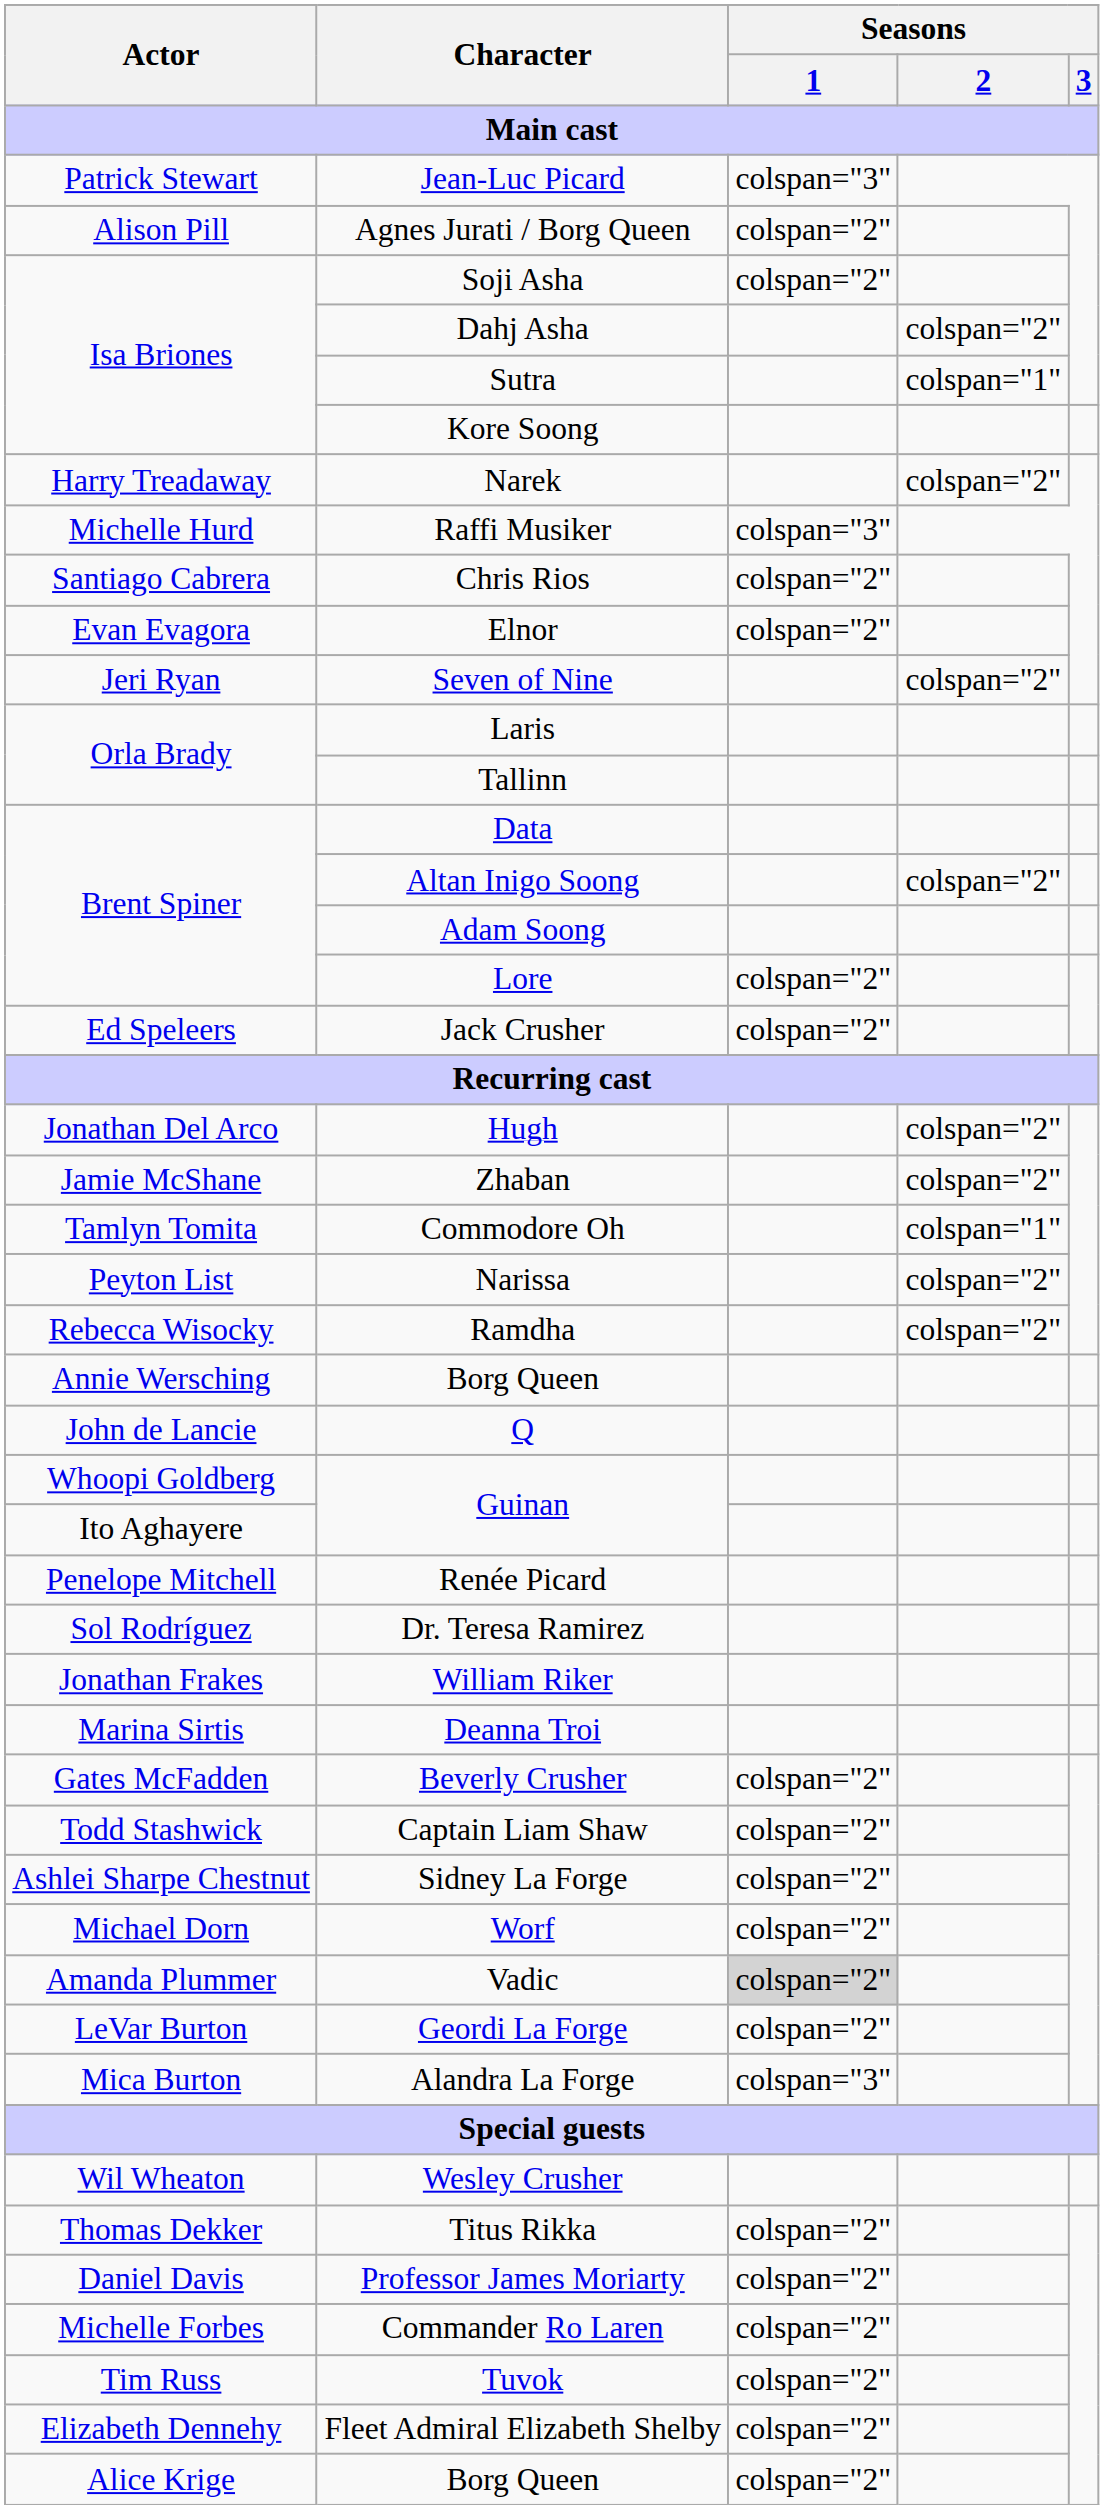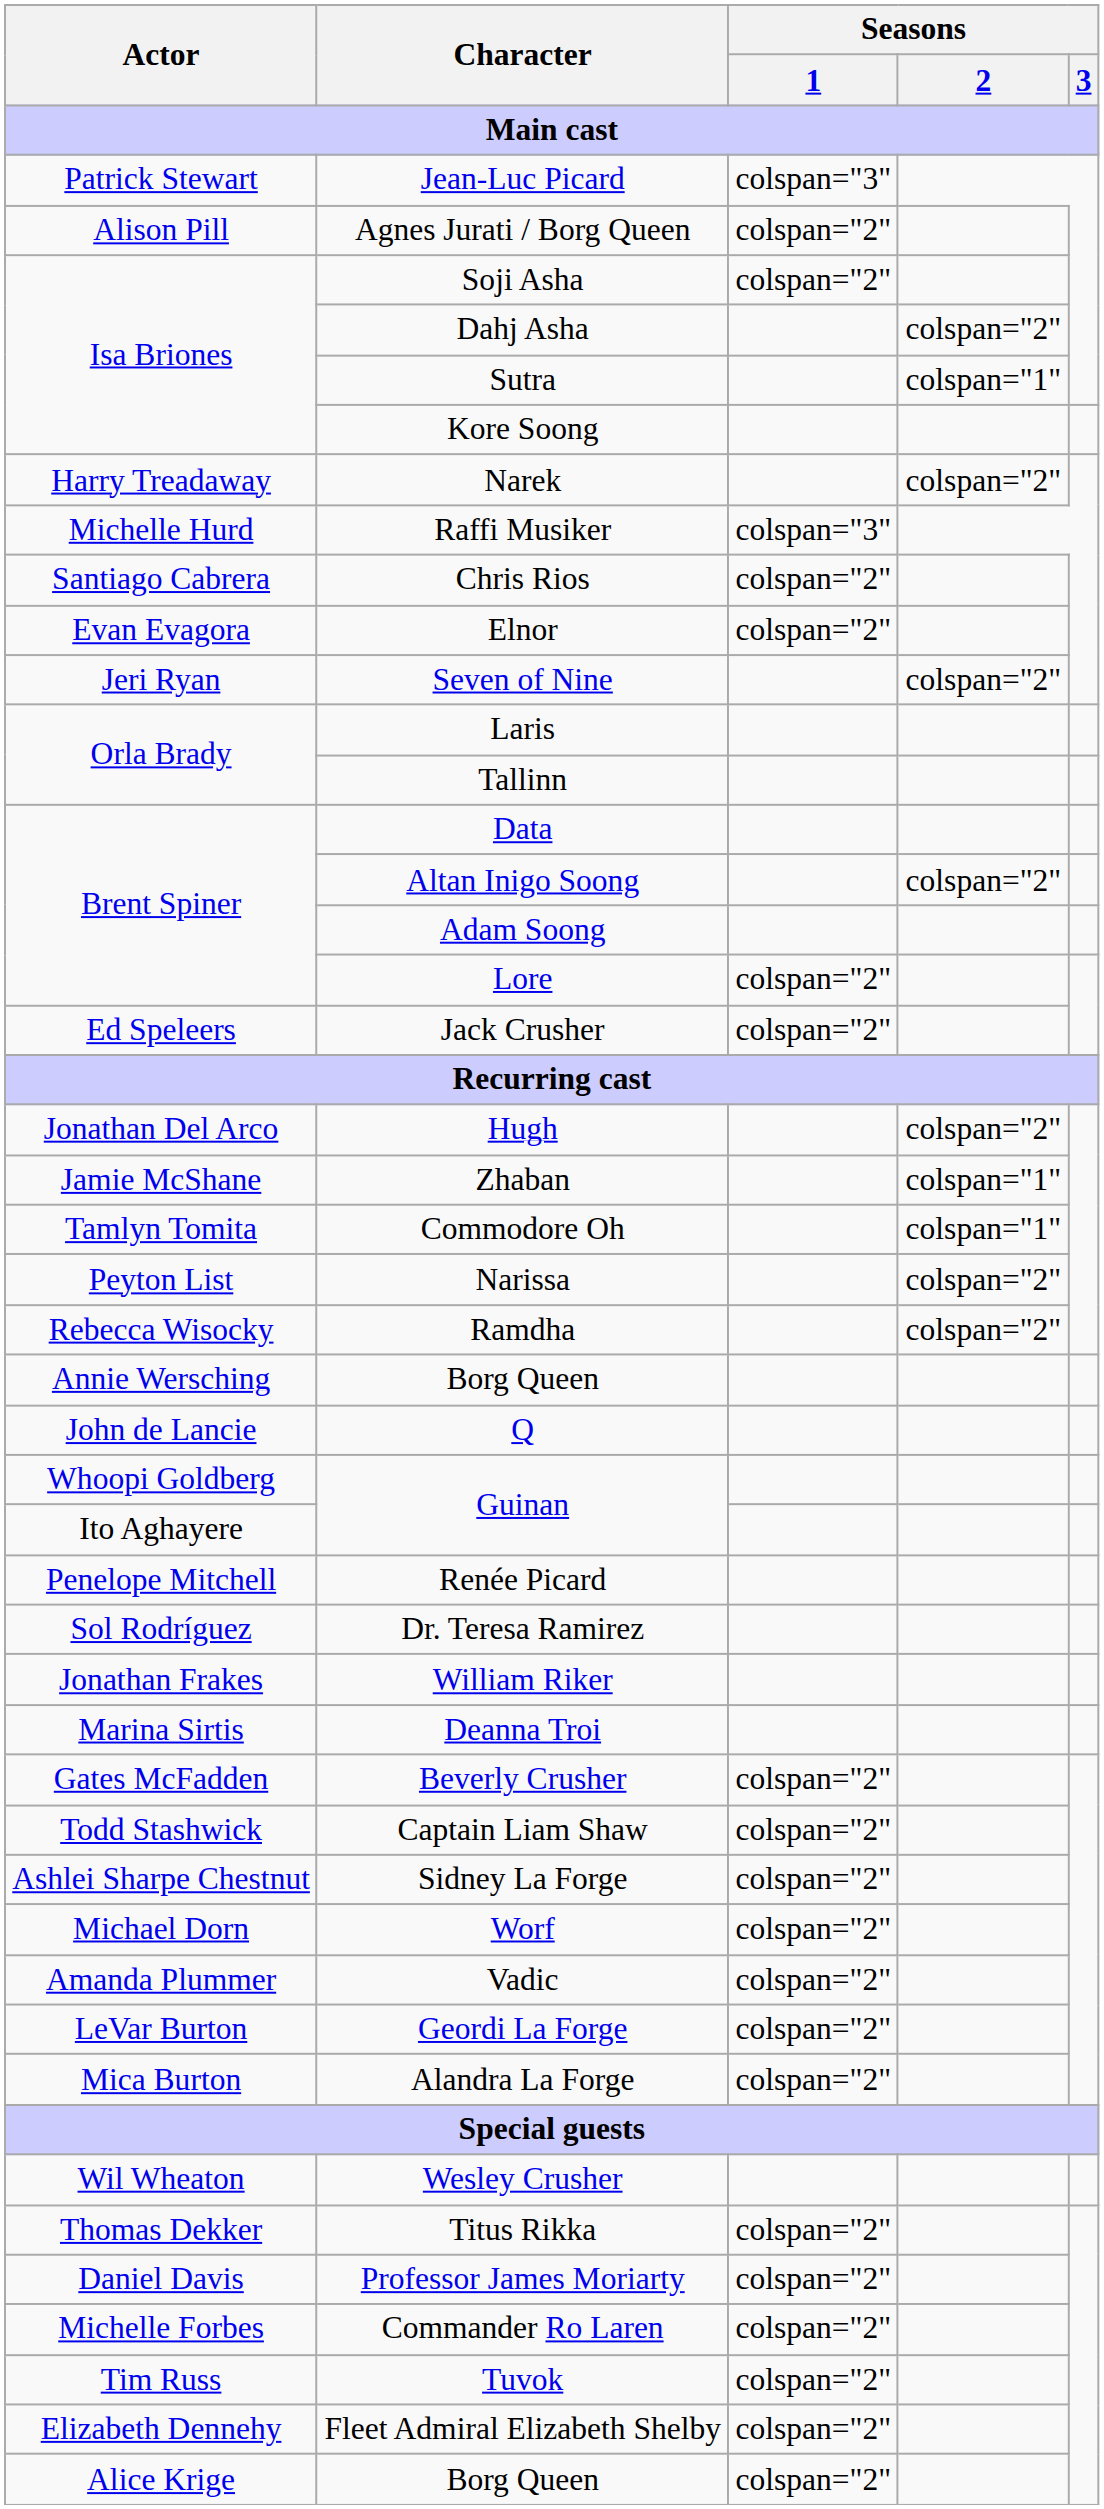 <table class="wikitable" style="text-align:center;">
 <tr>
 <th scope="col" rowspan="2">Actor</th>
 <th scope="col" rowspan="2">Character</th>
 <th scope="col" colspan="3">Seasons</th>
 </tr>
 <tr>
 <th scope="col"><a href='#'>1</a></th>
 <th scope="col"><a href='#'>2</a></th>
 <th scope="col"><a href='#'>3</a></th>
 </tr>
 <tr>
 <th colspan="5" style="background-color:#ccccff;">Main cast</th>
 </tr>
 <tr>
 <td><a href='#'>Patrick Stewart</a></td>
 <td><a href='#'>Jean-Luc Picard</a></td>
 <td>colspan="3" </td>
 </tr>
 <tr>
 <td><a href='#'>Alison Pill</a></td>
 <td>Agnes Jurati / Borg Queen</td>
 <td>colspan="2" </td>
 <td></td>
 </tr>
 <tr>
 <td rowspan="4"><a href='#'>Isa Briones</a></td>
 <td>Soji Asha</td>
 <td>colspan="2" </td>
 <td></td>
 </tr>
 <tr>
 <td>Dahj Asha</td>
 <td> </td>
 <td>colspan="2" </td>
 </tr>
 <tr>
 <td>Sutra</td>
 <td></td>
 <td>colspan="1" </td>
 </tr>
 <tr>
 <td>Kore Soong</td>
 <td></td>
 <td></td>
 <td></td>
 </tr>
 <tr>
 <td><a href='#'>Harry Treadaway</a></td>
 <td>Narek</td>
 <td></td>
 <td>colspan="2" </td>
 </tr>
 <tr>
 <td><a href='#'>Michelle Hurd</a></td>
 <td>Raffi Musiker</td>
 <td>colspan="3" </td>
 </tr>
 <tr>
 <td><a href='#'>Santiago Cabrera</a></td>
 <td>Chris Rios</td>
 <td>colspan="2"  </td>
 <td></td>
 </tr>
 <tr>
 <td><a href='#'>Evan Evagora</a></td>
 <td>Elnor</td>
 <td>colspan="2"  </td>
 <td></td>
 </tr>
 <tr>
 <td><a href='#'>Jeri Ryan</a></td>
 <td><a href='#'>Seven of Nine</a></td>
 <td></td>
 <td>colspan="2" </td>
 </tr>
 <tr>
 <td rowspan="2"><a href='#'>Orla Brady</a></td>
 <td>Laris</td>
 <td></td>
 <td></td>
 <td></td>
 </tr>
 <tr>
 <td>Tallinn</td>
 <td></td>
 <td></td>
 <td></td>
 </tr>
 <tr>
 <td rowspan="4"><a href='#'>Brent Spiner</a></td>
 <td><a href='#'>Data</a></td>
 <td> </td>
 <td></td>
 <td></td>
 </tr>
 <tr>
 <td><a href='#'>Altan Inigo Soong</a></td>
 <td></td>
 <td>colspan="2" </td>
 <td></td>
 </tr>
 <tr>
 <td><a href='#'>Adam Soong</a></td>
 <td></td>
 <td></td>
 <td></td>
 </tr>
 <tr>
 <td><a href='#'>Lore</a></td>
 <td>colspan="2" </td>
 <td></td>
 </tr>
 <tr>
 <td><a href='#'>Ed Speleers</a></td>
 <td>Jack Crusher</td>
 <td>colspan="2" </td>
 <td></td>
 </tr>
 <tr>
 <th colspan="5" style="background-color:#ccccff;">Recurring cast</th>
 </tr>
 <tr>
 <td><a href='#'>Jonathan Del Arco</a></td>
 <td><a href='#'>Hugh</a></td>
 <td></td>
 <td>colspan="2" </td>
 </tr>
 <tr>
 <td><a href='#'>Jamie McShane</a></td>
 <td>Zhaban</td>
 <td> </td>
-<td>colspan="2" </td>
+<td>colspan="1" </td>
 </tr>
 <tr>
 <td><a href='#'>Tamlyn Tomita</a></td>
 <td>Commodore Oh</td>
 <td> </td>
 <td>colspan="1" </td>
 </tr>
 <tr>
 <td><a href='#'>Peyton List</a></td>
 <td>Narissa</td>
 <td> </td>
 <td>colspan="2" </td>
 </tr>
 <tr>
 <td><a href='#'>Rebecca Wisocky</a></td>
 <td>Ramdha</td>
 <td> </td>
 <td>colspan="2" </td>
 </tr>
 <tr>
 <td><a href='#'>Annie Wersching</a></td>
 <td>Borg Queen</td>
 <td></td>
 <td></td>
 <td></td>
 </tr>
 <tr>
 <td><a href='#'>John de Lancie</a></td>
 <td><a href='#'>Q</a></td>
 <td></td>
 <td></td>
 <td></td>
 </tr>
 <tr>
 <td><a href='#'>Whoopi Goldberg</a></td>
 <td rowspan="2"><a href='#'>Guinan</a></td>
 <td></td>
 <td></td>
 <td></td>
 </tr>
 <tr>
 <td>Ito Aghayere</td>
 <td></td>
 <td></td>
 <td></td>
 </tr>
 <tr>
 <td><a href='#'>Penelope Mitchell</a></td>
 <td>Renée Picard</td>
 <td></td>
 <td></td>
 <td></td>
 </tr>
 <tr>
 <td><a href='#'>Sol Rodríguez</a></td>
 <td>Dr. Teresa Ramirez</td>
 <td></td>
 <td></td>
 <td></td>
 </tr>
 <tr>
 <td><a href='#'>Jonathan Frakes</a></td>
 <td><a href='#'>William Riker</a></td>
 <td> </td>
 <td></td>
 <td></td>
 </tr>
 <tr>
 <td><a href='#'>Marina Sirtis</a></td>
 <td><a href='#'>Deanna Troi</a></td>
 <td></td>
 <td></td>
 <td></td>
 </tr>
 <tr>
 <td><a href='#'>Gates McFadden</a></td>
 <td><a href='#'>Beverly Crusher</a></td>
 <td>colspan="2" </td>
 <td></td>
 </tr>
 <tr>
 <td><a href='#'>Todd Stashwick</a></td>
 <td>Captain Liam Shaw</td>
 <td>colspan="2" </td>
 <td></td>
 </tr>
 <tr>
 <td><a href='#'>Ashlei Sharpe Chestnut</a></td>
 <td>Sidney La Forge</td>
 <td>colspan="2" </td>
 <td></td>
 </tr>
 <tr>
 <td><a href='#'>Michael Dorn</a></td>
 <td><a href='#'>Worf</a></td>
 <td>colspan="2" </td>
 <td></td>
 </tr>
 <tr>
 <td><a href='#'>Amanda Plummer</a></td>
 <td>Vadic</td>
-<td style="background: lightgrey;">colspan="2" </td>
+<td>colspan="2" </td>
 <td></td>
 </tr>
 <tr>
 <td><a href='#'>LeVar Burton</a></td>
 <td><a href='#'>Geordi La Forge</a></td>
 <td>colspan="2" </td>
 <td></td>
 </tr>
 <tr>
 <td><a href='#'>Mica Burton</a></td>
 <td>Alandra La Forge</td>
-<td>colspan="3" </td>
+<td>colspan="2" </td>
 <td></td>
 </tr>
 <tr>
 <th colspan="5" style="background-color:#ccccff;">Special guests</th>
 </tr>
 <tr>
 <td><a href='#'>Wil Wheaton</a></td>
 <td><a href='#'>Wesley Crusher</a></td>
 <td></td>
 <td></td>
 <td></td>
 </tr>
 <tr>
 <td><a href='#'>Thomas Dekker</a></td>
 <td>Titus Rikka</td>
 <td>colspan="2" </td>
 <td></td>
 </tr>
 <tr>
 <td><a href='#'>Daniel Davis</a></td>
 <td><a href='#'>Professor James Moriarty</a></td>
 <td>colspan="2" </td>
 <td></td>
 </tr>
 <tr>
 <td><a href='#'>Michelle Forbes</a></td>
 <td>Commander <a href='#'>Ro Laren</a></td>
 <td>colspan="2" </td>
 <td></td>
 </tr>
 <tr>
 <td><a href='#'>Tim Russ</a></td>
 <td><a href='#'>Tuvok</a></td>
 <td>colspan="2" </td>
 <td></td>
 </tr>
 <tr>
 <td><a href='#'>Elizabeth Dennehy</a></td>
 <td>Fleet Admiral Elizabeth Shelby</td>
 <td>colspan="2" </td>
 <td></td>
 </tr>
 <tr>
 <td><a href='#'>Alice Krige</a></td>
 <td>Borg Queen</td>
 <td>colspan="2" </td>
 <td></td>
 </tr>
 </table>
